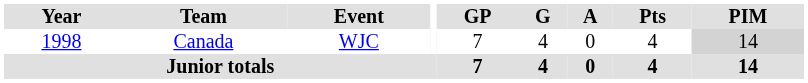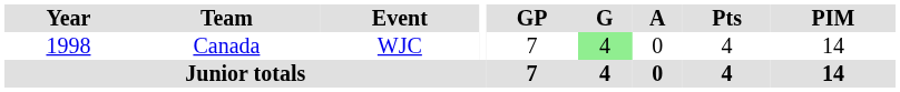 <table border="0" cellpadding="1" cellspacing="0" ID="Table3" style="text-align:center; width:40em">
 <tr bgcolor="#e0e0e0">
 <th>Year</th>
 <th>Team</th>
 <th>Event</th>
 <th rowspan="102" bgcolor="#ffffff"></th>
 <th>GP</th>
 <th>G</th>
 <th>A</th>
 <th>Pts</th>
 <th>PIM</th>
 </tr>
 <tr>
 <td><a href='#'>1998</a></td>
 <td><a href='#'>Canada</a></td>
 <td><a href='#'>WJC</a></td>
 <td>7</td>
-<td>4</td>
+<td style="background: lightgreen;">4</td>
 <td>0</td>
 <td>4</td>
-<td style="background: lightgrey;">14</td>
+<td>14</td>
 </tr>
 <tr bgcolor="#e0e0e0">
 <th colspan="4">Junior totals</th>
 <th>7</th>
 <th>4</th>
 <th>0</th>
 <th>4</th>
 <th>14</th>
 </tr>
 </table>
